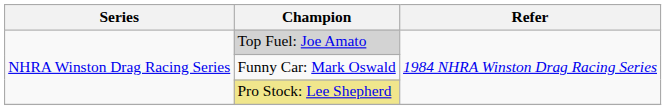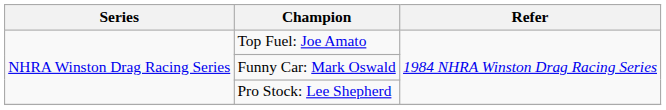 <table class="wikitable" style="font-size:87%;">
 <tr>
 <th>Series</th>
 <th>Champion</th>
 <th>Refer</th>
 </tr>
 <tr>
 <td rowspan=3><a href='#'>NHRA Winston Drag Racing Series</a></td>
-<td style="background: lightgrey;">Top Fuel:  <a href='#'>Joe Amato</a></td>
+<td>Top Fuel:  <a href='#'>Joe Amato</a></td>
 <td rowspan=3><em><a href='#'>1984 NHRA Winston Drag Racing Series</a></em></td>
 </tr>
 <tr>
 <td>Funny Car:  <a href='#'>Mark Oswald</a></td>
 </tr>
 <tr>
-<td style="background: khaki;">Pro Stock:  <a href='#'>Lee Shepherd</a></td>
+<td>Pro Stock:  <a href='#'>Lee Shepherd</a></td>
 </tr>
 <tr>
 </tr>
 </table>
